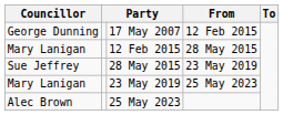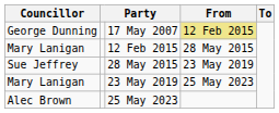 <table class=wikitable>
 <tr>
 <th>Councillor</th>
 <th colspan=2>Party</th>
 <th>From</th>
 <th>To</th>
 </tr>
 <tr>
 <td>George Dunning</td>
 <td></td>
 <td align=right>17 May 2007</td>
-<td align=right>12 Feb 2015</td>
+<td align=right style="background: khaki;">12 Feb 2015</td>
 </tr>
 <tr>
 <td>Mary Lanigan</td>
 <td></td>
 <td align=right>12 Feb 2015</td>
 <td align=right>28 May 2015</td>
 </tr>
 <tr>
 <td>Sue Jeffrey</td>
 <td></td>
 <td align=right>28 May 2015</td>
 <td align=right>23 May 2019</td>
 </tr>
 <tr>
 <td>Mary Lanigan</td>
 <td></td>
 <td align=right>23 May 2019</td>
 <td align=right>25 May 2023</td>
 </tr>
 <tr>
 <td>Alec Brown</td>
 <td></td>
 <td align=right>25 May 2023</td>
 <td></td>
 </tr>
 </table>
